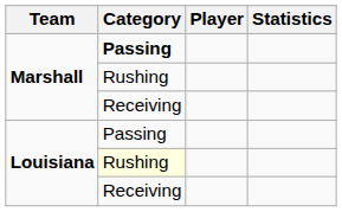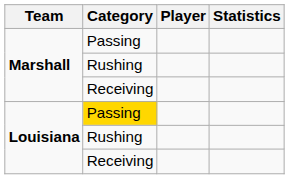 <table class="wikitable" style="float: right;">
 <tr>
 <th>Team</th>
 <th>Category</th>
 <th>Player</th>
 <th>Statistics</th>
 </tr>
 <tr>
 <td rowspan=3><strong>Marshall</strong></td>
-<td><strong>Passing</strong></td>
+<td>Passing</td>
 <td></td>
 <td></td>
 </tr>
 <tr>
 <td>Rushing</td>
 <td></td>
 <td></td>
 </tr>
 <tr>
 <td>Receiving</td>
 <td></td>
 <td></td>
 </tr>
 <tr>
 <td rowspan=3><strong>Louisiana</strong></td>
-<td>Passing</td>
+<td style="background: gold;">Passing</td>
 <td></td>
 <td></td>
 </tr>
 <tr>
-<td style="background: lightyellow;">Rushing</td>
+<td>Rushing</td>
 <td></td>
 <td></td>
 </tr>
 <tr>
 <td>Receiving</td>
 <td></td>
 <td></td>
 </tr>
 </table>
